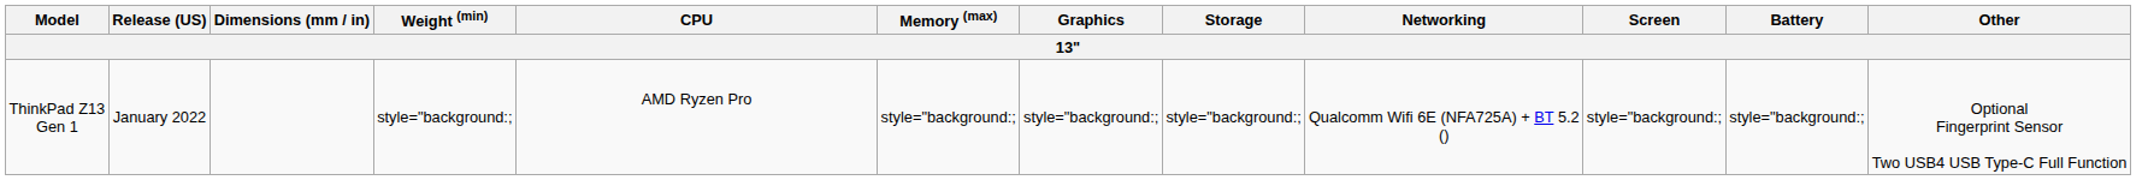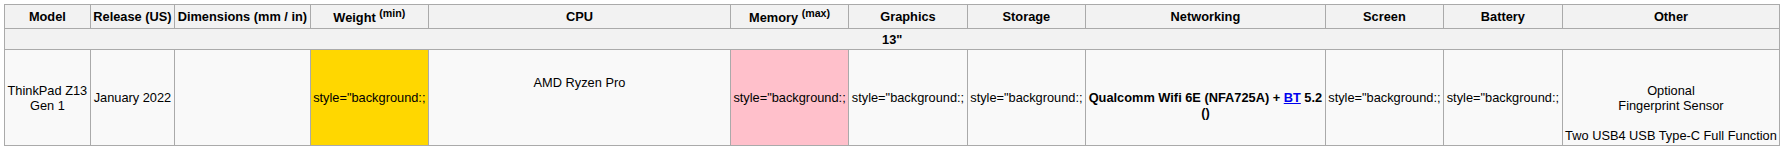 <table class="wikitable" style="font-size: 80%; text-align: center; min-width: 80%;">
 <tr>
 <th>Model</th>
 <th>Release (US)</th>
 <th>Dimensions (mm / in)</th>
 <th>Weight <sup>(min)</sup></th>
 <th style="width:17%">CPU</th>
 <th>Memory <sup>(max)</sup></th>
 <th>Graphics</th>
 <th>Storage</th>
 <th>Networking</th>
 <th>Screen</th>
 <th>Battery</th>
 <th>Other</th>
 </tr>
 <tr>
 <th colspan=12>13"</th>
 </tr>
 <tr>
 <td>ThinkPad Z13 <br>Gen 1 </td>
 <td>January 2022</td>
 <td></td>
-<td>style="background:;</td>
+<td style="background: gold;">style="background:;</td>
 <td style="background:">AMD Ryzen Pro<br><br><br></td>
+<td style="background: pink;">style="background:;</td>
 <td>style="background:;</td>
 <td>style="background:;</td>
-<td>style="background:;</td>
-<td><br>Qualcomm Wifi 6E (NFA725A) + <a href='#'>BT</a> 5.2 <br>()<br></td>
+<td><strong><br>Qualcomm Wifi 6E (NFA725A) + <a href='#'>BT</a> 5.2 <br>()<br></strong></td>
 <td>style="background:;</td>
 <td>style="background:;</td>
 <td style="background:"><br><br>Optional <br> Fingerprint Sensor<br><br> Two USB4 USB Type-C Full Function</td>
 </tr>
 </table>
